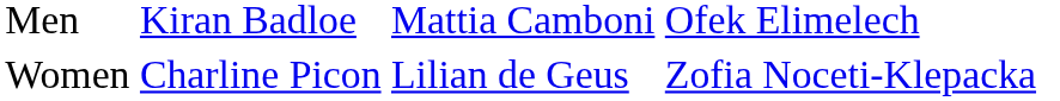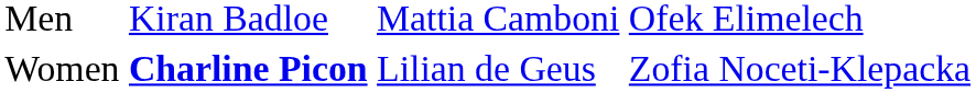 <table>
 <tr>
 <td>Men</td>
 <td><a href='#'>Kiran Badloe</a><br></td>
 <td><a href='#'>Mattia Camboni</a><br></td>
 <td><a href='#'>Ofek Elimelech</a><br></td>
 </tr>
 <tr>
 <td>Women</td>
-<td><a href='#'>Charline Picon</a><br></td>
+<td><strong><a href='#'>Charline Picon</a><br></strong></td>
 <td><a href='#'>Lilian de Geus</a><br></td>
 <td><a href='#'>Zofia Noceti-Klepacka</a><br></td>
 </tr>
 </table>
